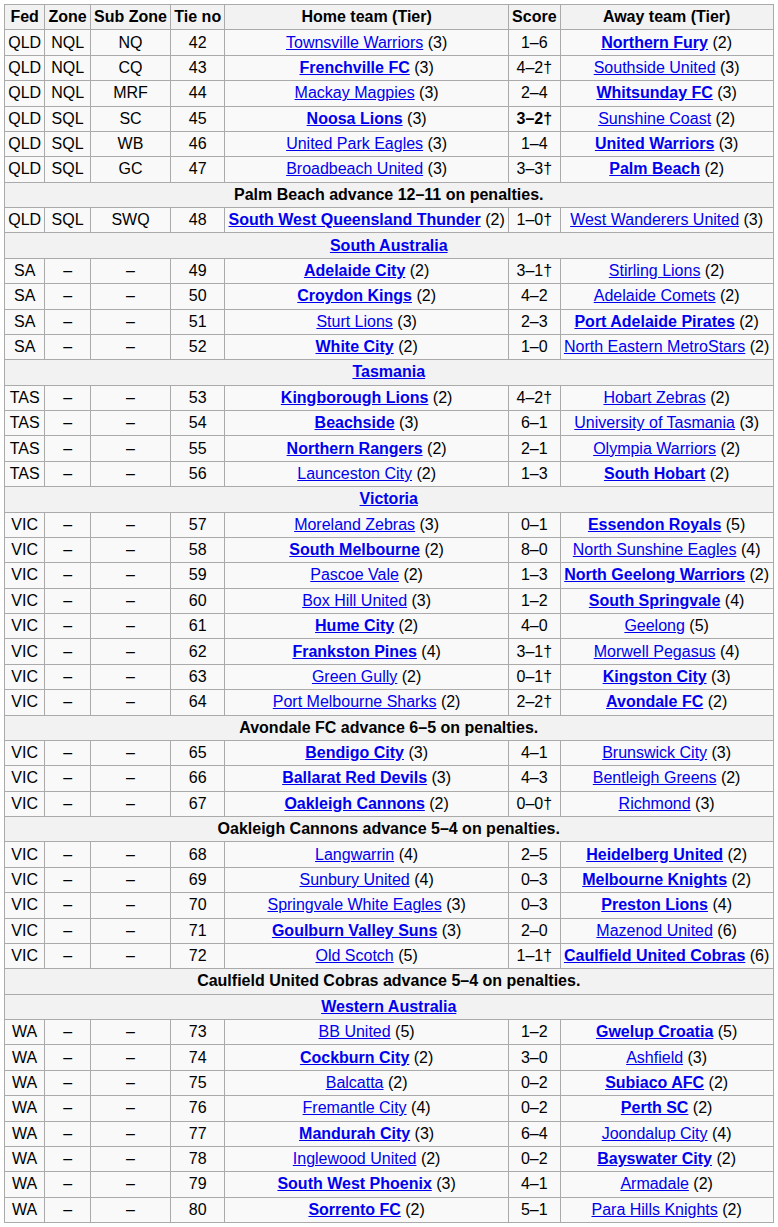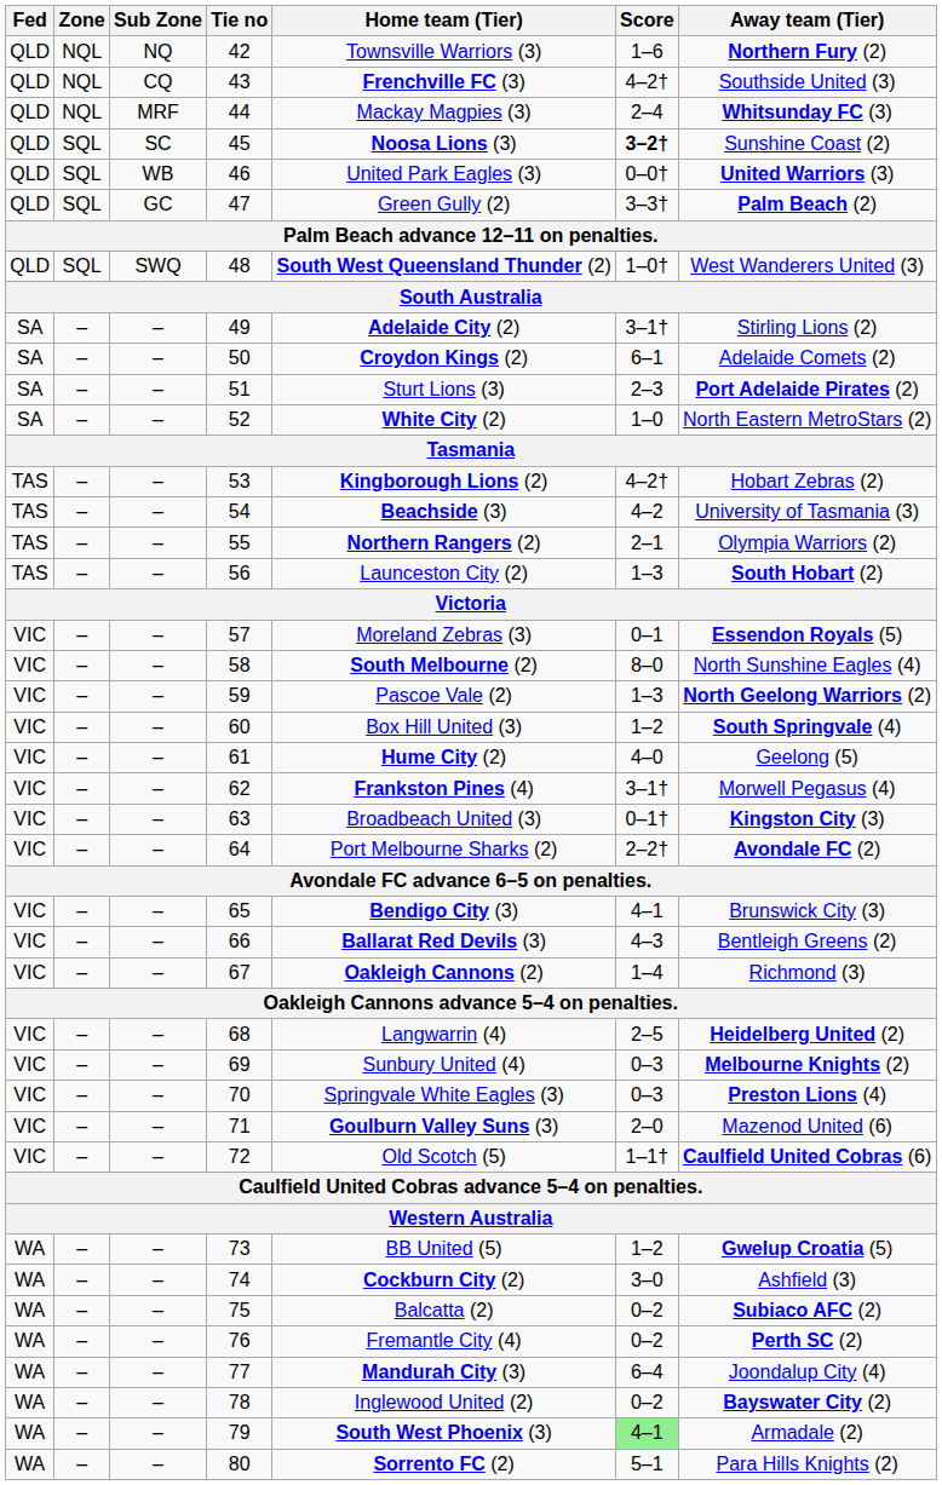 <table class="wikitable" style="text-align:center">
 <tr>
 <th>Fed</th>
 <th>Zone</th>
 <th>Sub Zone</th>
 <th>Tie no</th>
 <th>Home team (Tier)</th>
 <th>Score</th>
 <th>Away team (Tier)</th>
 </tr>
 <tr>
 <td>QLD</td>
 <td>NQL</td>
 <td>NQ</td>
 <td>42</td>
 <td><a href='#'>Townsville Warriors</a> (3)</td>
 <td>1–6</td>
 <td><strong><a href='#'>Northern Fury</a></strong> (2)</td>
 </tr>
 <tr>
 <td>QLD</td>
 <td>NQL</td>
 <td>CQ</td>
 <td>43</td>
 <td><strong><a href='#'>Frenchville FC</a></strong> (3)</td>
 <td>4–2†</td>
 <td><a href='#'>Southside United</a> (3)</td>
 </tr>
 <tr>
 <td>QLD</td>
 <td>NQL</td>
 <td>MRF</td>
 <td>44</td>
 <td><a href='#'>Mackay Magpies</a> (3)</td>
 <td>2–4</td>
 <td><strong><a href='#'>Whitsunday FC</a></strong> (3)</td>
 </tr>
 <tr>
 <td>QLD</td>
 <td>SQL</td>
 <td>SC</td>
 <td>45</td>
 <td><strong><a href='#'>Noosa Lions</a></strong> (3)</td>
 <td><strong>3–2†</strong></td>
 <td><a href='#'>Sunshine Coast</a> (2)</td>
 </tr>
 <tr>
 <td>QLD</td>
 <td>SQL</td>
 <td>WB</td>
 <td>46</td>
 <td><a href='#'>United Park Eagles</a> (3)</td>
-<td>1–4</td>
+<td>0–0†</td>
 <td><strong><a href='#'>United Warriors</a></strong> (3)</td>
 </tr>
 <tr>
 <td>QLD</td>
 <td>SQL</td>
 <td>GC</td>
 <td>47</td>
-<td><a href='#'>Broadbeach United</a> (3)</td>
+<td><a href='#'>Green Gully</a> (2)</td>
 <td>3–3†</td>
 <td><strong><a href='#'>Palm Beach</a></strong> (2)</td>
 </tr>
 <tr>
 <th colspan=7>Palm Beach advance 12–11 on penalties.</th>
 </tr>
 <tr>
 <td>QLD</td>
 <td>SQL</td>
 <td>SWQ</td>
 <td>48</td>
 <td><strong><a href='#'>South West Queensland Thunder</a></strong> (2)</td>
 <td>1–0†</td>
 <td><a href='#'>West Wanderers United</a> (3)</td>
 </tr>
 <tr>
 <th colspan=7><a href='#'>South Australia</a></th>
 </tr>
 <tr>
 <td>SA</td>
 <td>–</td>
 <td>–</td>
 <td>49</td>
 <td><strong><a href='#'>Adelaide City</a></strong> (2)</td>
 <td>3–1†</td>
 <td><a href='#'>Stirling Lions</a> (2)</td>
 </tr>
 <tr>
 <td>SA</td>
 <td>–</td>
 <td>–</td>
 <td>50</td>
 <td><strong><a href='#'>Croydon Kings</a></strong> (2)</td>
-<td>4–2</td>
+<td>6–1</td>
 <td><a href='#'>Adelaide Comets</a> (2)</td>
 </tr>
 <tr>
 <td>SA</td>
 <td>–</td>
 <td>–</td>
 <td>51</td>
 <td><a href='#'>Sturt Lions</a> (3)</td>
 <td>2–3</td>
 <td><strong><a href='#'>Port Adelaide Pirates</a></strong> (2)</td>
 </tr>
 <tr>
 <td>SA</td>
 <td>–</td>
 <td>–</td>
 <td>52</td>
 <td><strong><a href='#'>White City</a></strong> (2)</td>
 <td>1–0</td>
 <td><a href='#'>North Eastern MetroStars</a> (2)</td>
 </tr>
 <tr>
 <th colspan=7><a href='#'>Tasmania</a></th>
 </tr>
 <tr>
 <td>TAS</td>
 <td>–</td>
 <td>–</td>
 <td>53</td>
 <td><strong><a href='#'>Kingborough Lions</a></strong> (2)</td>
 <td>4–2†</td>
 <td><a href='#'>Hobart Zebras</a> (2)</td>
 </tr>
 <tr>
 <td>TAS</td>
 <td>–</td>
 <td>–</td>
 <td>54</td>
 <td><strong><a href='#'>Beachside</a></strong> (3)</td>
-<td>6–1</td>
+<td>4–2</td>
 <td><a href='#'>University of Tasmania</a> (3)</td>
 </tr>
 <tr>
 <td>TAS</td>
 <td>–</td>
 <td>–</td>
 <td>55</td>
 <td><strong><a href='#'>Northern Rangers</a></strong> (2)</td>
 <td>2–1</td>
 <td><a href='#'>Olympia Warriors</a> (2)</td>
 </tr>
 <tr>
 <td>TAS</td>
 <td>–</td>
 <td>–</td>
 <td>56</td>
 <td><a href='#'>Launceston City</a> (2)</td>
 <td>1–3</td>
 <td><strong><a href='#'>South Hobart</a></strong> (2)</td>
 </tr>
 <tr>
 <th colspan=7><a href='#'>Victoria</a></th>
 </tr>
 <tr>
 <td>VIC</td>
 <td>–</td>
 <td>–</td>
 <td>57</td>
 <td><a href='#'>Moreland Zebras</a> (3)</td>
 <td>0–1</td>
 <td><strong><a href='#'>Essendon Royals</a></strong> (5)</td>
 </tr>
 <tr>
 <td>VIC</td>
 <td>–</td>
 <td>–</td>
 <td>58</td>
 <td><strong><a href='#'>South Melbourne</a></strong> (2)</td>
 <td>8–0</td>
 <td><a href='#'>North Sunshine Eagles</a> (4)</td>
 </tr>
 <tr>
 <td>VIC</td>
 <td>–</td>
 <td>–</td>
 <td>59</td>
 <td><a href='#'>Pascoe Vale</a> (2)</td>
 <td>1–3</td>
 <td><strong><a href='#'>North Geelong Warriors</a></strong> (2)</td>
 </tr>
 <tr>
 <td>VIC</td>
 <td>–</td>
 <td>–</td>
 <td>60</td>
 <td><a href='#'>Box Hill United</a> (3)</td>
 <td>1–2</td>
 <td><strong><a href='#'>South Springvale</a></strong> (4)</td>
 </tr>
 <tr>
 <td>VIC</td>
 <td>–</td>
 <td>–</td>
 <td>61</td>
 <td><strong><a href='#'>Hume City</a></strong> (2)</td>
 <td>4–0</td>
 <td><a href='#'>Geelong</a> (5)</td>
 </tr>
 <tr>
 <td>VIC</td>
 <td>–</td>
 <td>–</td>
 <td>62</td>
 <td><strong><a href='#'>Frankston Pines</a></strong> (4)</td>
 <td>3–1†</td>
 <td><a href='#'>Morwell Pegasus</a> (4)</td>
 </tr>
 <tr>
 <td>VIC</td>
 <td>–</td>
 <td>–</td>
 <td>63</td>
-<td><a href='#'>Green Gully</a> (2)</td>
+<td><a href='#'>Broadbeach United</a> (3)</td>
 <td>0–1†</td>
 <td><strong><a href='#'>Kingston City</a></strong> (3)</td>
 </tr>
 <tr>
 <td>VIC</td>
 <td>–</td>
 <td>–</td>
 <td>64</td>
 <td><a href='#'>Port Melbourne Sharks</a> (2)</td>
 <td>2–2†</td>
 <td><strong><a href='#'>Avondale FC</a></strong> (2)</td>
 </tr>
 <tr>
 <th colspan=7>Avondale FC advance 6–5 on penalties.</th>
 </tr>
 <tr>
 <td>VIC</td>
 <td>–</td>
 <td>–</td>
 <td>65</td>
 <td><strong><a href='#'>Bendigo City</a></strong> (3)</td>
 <td>4–1</td>
 <td><a href='#'>Brunswick City</a> (3)</td>
 </tr>
 <tr>
 <td>VIC</td>
 <td>–</td>
 <td>–</td>
 <td>66</td>
 <td><strong><a href='#'>Ballarat Red Devils</a></strong> (3)</td>
 <td>4–3</td>
 <td><a href='#'>Bentleigh Greens</a> (2)</td>
 </tr>
 <tr>
 <td>VIC</td>
 <td>–</td>
 <td>–</td>
 <td>67</td>
 <td><strong><a href='#'>Oakleigh Cannons</a></strong> (2)</td>
-<td>0–0†</td>
+<td>1–4</td>
 <td><a href='#'>Richmond</a> (3)</td>
 </tr>
 <tr>
 <th colspan=7>Oakleigh Cannons advance 5–4 on penalties.</th>
 </tr>
 <tr>
 <td>VIC</td>
 <td>–</td>
 <td>–</td>
 <td>68</td>
 <td><a href='#'>Langwarrin</a> (4)</td>
 <td>2–5</td>
 <td><strong><a href='#'>Heidelberg United</a></strong> (2)</td>
 </tr>
 <tr>
 <td>VIC</td>
 <td>–</td>
 <td>–</td>
 <td>69</td>
 <td><a href='#'>Sunbury United</a> (4)</td>
 <td>0–3</td>
 <td><strong><a href='#'>Melbourne Knights</a></strong> (2)</td>
 </tr>
 <tr>
 <td>VIC</td>
 <td>–</td>
 <td>–</td>
 <td>70</td>
 <td><a href='#'>Springvale White Eagles</a> (3)</td>
 <td>0–3</td>
 <td><strong><a href='#'>Preston Lions</a></strong> (4)</td>
 </tr>
 <tr>
 <td>VIC</td>
 <td>–</td>
 <td>–</td>
 <td>71</td>
 <td><strong><a href='#'>Goulburn Valley Suns</a></strong> (3)</td>
 <td>2–0</td>
 <td><a href='#'>Mazenod United</a> (6)</td>
 </tr>
 <tr>
 <td>VIC</td>
 <td>–</td>
 <td>–</td>
 <td>72</td>
 <td><a href='#'>Old Scotch</a> (5)</td>
 <td>1–1†</td>
 <td><strong><a href='#'>Caulfield United Cobras</a></strong> (6)</td>
 </tr>
 <tr>
 <th colspan=7>Caulfield United Cobras advance 5–4 on penalties.</th>
 </tr>
 <tr>
 <th colspan=7><a href='#'>Western Australia</a></th>
 </tr>
 <tr>
 <td>WA</td>
 <td>–</td>
 <td>–</td>
 <td>73</td>
 <td><a href='#'>BB United</a> (5)</td>
 <td>1–2</td>
 <td><strong><a href='#'>Gwelup Croatia</a></strong> (5)</td>
 </tr>
 <tr>
 <td>WA</td>
 <td>–</td>
 <td>–</td>
 <td>74</td>
 <td><strong><a href='#'>Cockburn City</a></strong> (2)</td>
 <td>3–0</td>
 <td><a href='#'>Ashfield</a> (3)</td>
 </tr>
 <tr>
 <td>WA</td>
 <td>–</td>
 <td>–</td>
 <td>75</td>
 <td><a href='#'>Balcatta</a> (2)</td>
 <td>0–2</td>
 <td><strong><a href='#'>Subiaco AFC</a></strong> (2)</td>
 </tr>
 <tr>
 <td>WA</td>
 <td>–</td>
 <td>–</td>
 <td>76</td>
 <td><a href='#'>Fremantle City</a> (4)</td>
 <td>0–2</td>
 <td><strong><a href='#'>Perth SC</a></strong> (2)</td>
 </tr>
 <tr>
 <td>WA</td>
 <td>–</td>
 <td>–</td>
 <td>77</td>
 <td><strong><a href='#'>Mandurah City</a></strong> (3)</td>
 <td>6–4</td>
 <td><a href='#'>Joondalup City</a> (4)</td>
 </tr>
 <tr>
 <td>WA</td>
 <td>–</td>
 <td>–</td>
 <td>78</td>
 <td><a href='#'>Inglewood United</a> (2)</td>
 <td>0–2</td>
 <td><strong><a href='#'>Bayswater City</a></strong> (2)</td>
 </tr>
 <tr>
 <td>WA</td>
 <td>–</td>
 <td>–</td>
 <td>79</td>
 <td><strong><a href='#'>South West Phoenix</a></strong> (3)</td>
-<td>4–1</td>
+<td style="background: lightgreen;">4–1</td>
 <td><a href='#'>Armadale</a> (2)</td>
 </tr>
 <tr>
 <td>WA</td>
 <td>–</td>
 <td>–</td>
 <td>80</td>
 <td><strong><a href='#'>Sorrento FC</a></strong> (2)</td>
 <td>5–1</td>
 <td><a href='#'>Para Hills Knights</a> (2)</td>
 </tr>
 </table>
